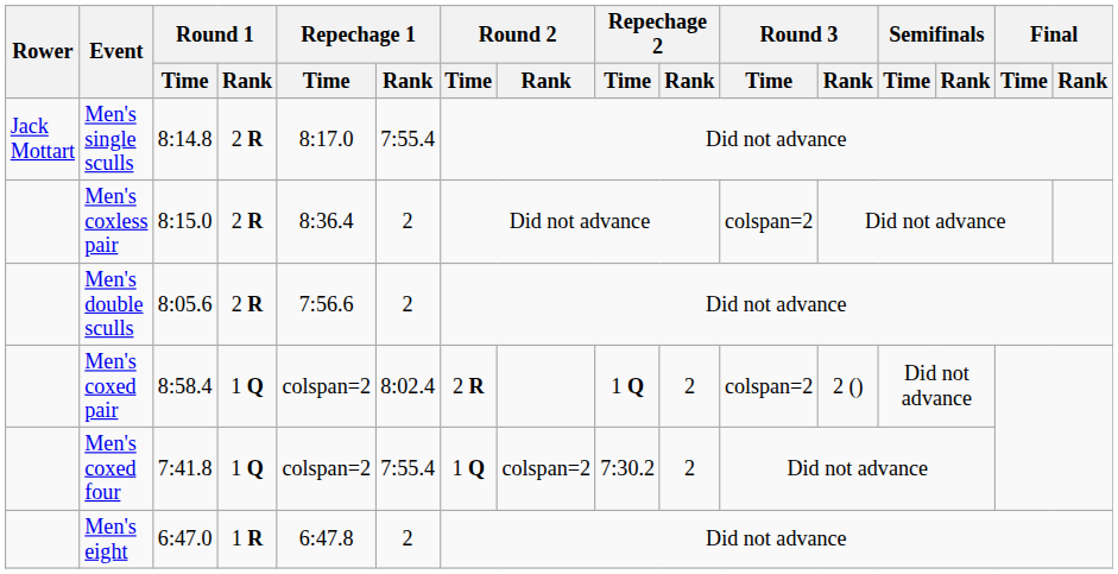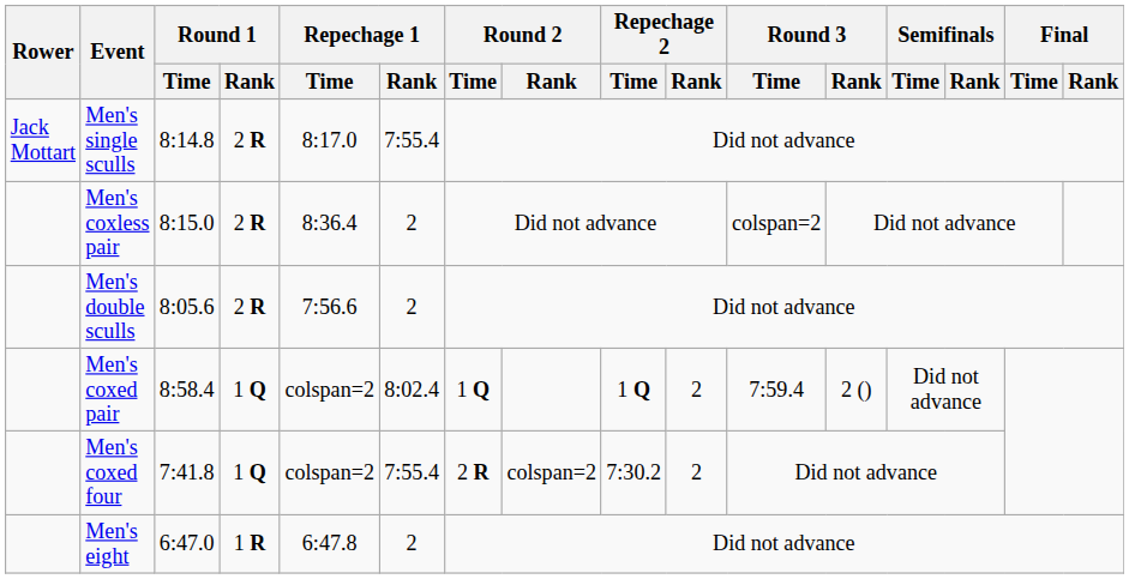 <table class=wikitable style=text-align:center>
 <tr>
 <th rowspan=2>Rower</th>
 <th rowspan=2>Event</th>
 <th colspan=2>Round 1</th>
 <th colspan=2>Repechage 1</th>
 <th colspan=2>Round 2</th>
 <th colspan=2>Repechage 2</th>
 <th colspan=2>Round 3</th>
 <th colspan=2>Semifinals</th>
 <th colspan=2>Final</th>
 </tr>
 <tr>
 <th>Time</th>
 <th>Rank</th>
 <th>Time</th>
 <th>Rank</th>
 <th>Time</th>
 <th>Rank</th>
 <th>Time</th>
 <th>Rank</th>
 <th>Time</th>
 <th>Rank</th>
 <th>Time</th>
 <th>Rank</th>
 <th>Time</th>
 <th>Rank</th>
 </tr>
 <tr>
 <td align=left><a href='#'>Jack Mottart</a></td>
 <td align=left><a href='#'>Men's single sculls</a></td>
 <td>8:14.8</td>
 <td>2 <strong>R</strong></td>
 <td>8:17.0</td>
 <td>7:55.4</td>
 <td colspan=10>Did not advance</td>
 </tr>
 <tr>
 <td align=left></td>
 <td align=left><a href='#'>Men's coxless pair</a></td>
 <td>8:15.0</td>
 <td>2 <strong>R</strong></td>
 <td>8:36.4</td>
 <td>2</td>
 <td colspan=4>Did not advance</td>
 <td>colspan=2 </td>
 <td colspan=4>Did not advance</td>
 </tr>
 <tr>
 <td align=left></td>
 <td align=left><a href='#'>Men's double sculls</a></td>
 <td>8:05.6</td>
 <td>2 <strong>R</strong></td>
 <td>7:56.6</td>
 <td>2</td>
 <td colspan=10>Did not advance</td>
 </tr>
 <tr>
 <td align=left><strong></strong></td>
 <td align=left><a href='#'>Men's coxed pair</a></td>
 <td>8:58.4</td>
 <td>1 <strong>Q</strong></td>
 <td>colspan=2 </td>
 <td>8:02.4</td>
-<td>2 <strong>R</strong></td>
+<td>1 <strong>Q</strong></td>
 <td></td>
 <td>1 <strong>Q</strong></td>
 <td>2</td>
-<td>colspan=2 </td>
+<td>7:59.4</td>
 <td>2 ()</td>
 <td colspan=2>Did not advance</td>
 </tr>
 <tr>
 <td align=left></td>
 <td align=left><a href='#'>Men's coxed four</a></td>
 <td>7:41.8</td>
 <td>1 <strong>Q</strong></td>
 <td>colspan=2 </td>
 <td>7:55.4</td>
-<td>1 <strong>Q</strong></td>
+<td>2 <strong>R</strong></td>
 <td>colspan=2 </td>
 <td>7:30.2</td>
 <td>2</td>
 <td colspan=4>Did not advance</td>
 </tr>
 <tr>
 <td align=left></td>
 <td align=left><a href='#'>Men's eight</a></td>
 <td>6:47.0</td>
 <td>1 <strong>R</strong></td>
 <td>6:47.8</td>
 <td>2</td>
 <td colspan=10>Did not advance</td>
 </tr>
 </table>
